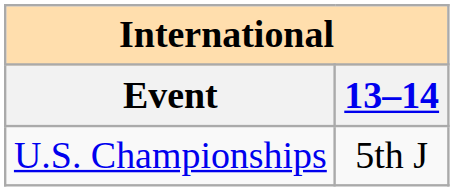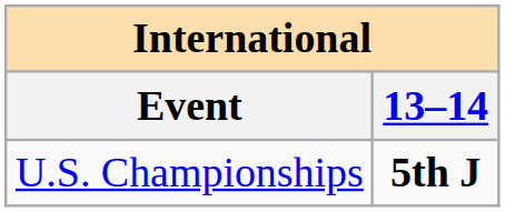 <table class="wikitable" style="text-align:center">
 <tr>
 <th colspan="2" style="background-color: #ffdead; " align="center">International</th>
 </tr>
 <tr>
 <th>Event</th>
 <th><a href='#'>13–14</a></th>
 </tr>
 <tr>
 <td align=left><a href='#'>U.S. Championships</a></td>
-<td>5th J</td>
+<td><strong>5th J</strong></td>
 </tr>
 </table>
